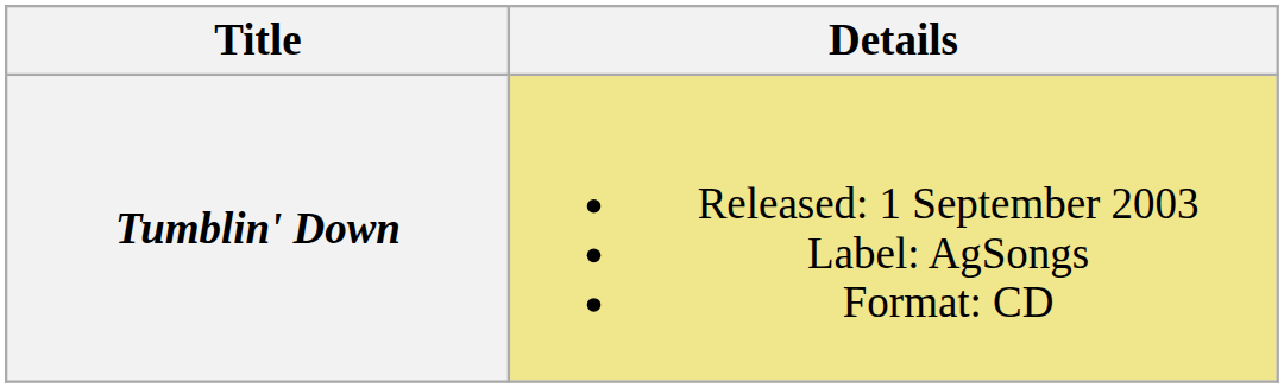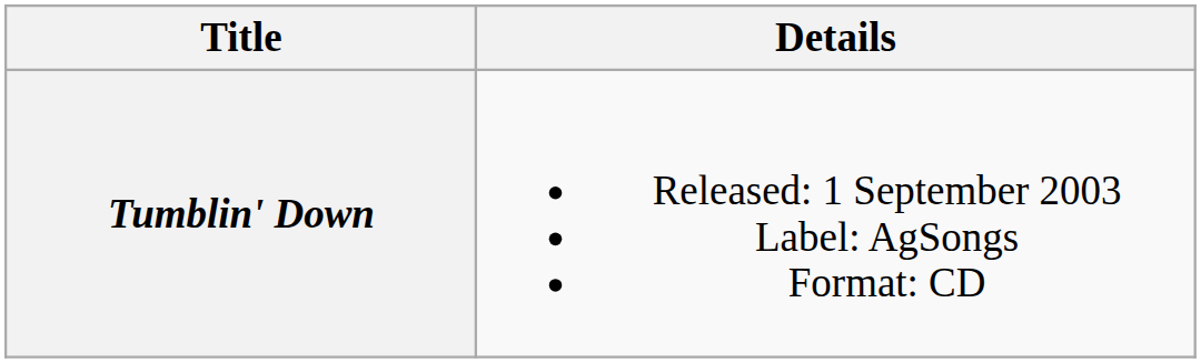 <table class="wikitable plainrowheaders" style="text-align:center;" border="1">
 <tr>
 <th scope="col" style="width:11em;">Title</th>
 <th scope="col" style="width:17em;">Details</th>
 </tr>
 <tr>
 <th scope="row"><em>Tumblin' Down</em></th>
-<td style="background: khaki;"><br><ul><li>Released: 1 September 2003</li><li>Label: AgSongs</li><li>Format: CD</li></ul></td>
+<td><br><ul><li>Released: 1 September 2003</li><li>Label: AgSongs</li><li>Format: CD</li></ul></td>
 </tr>
 </table>
